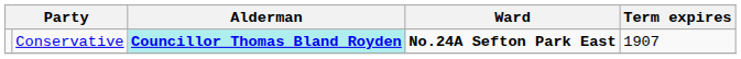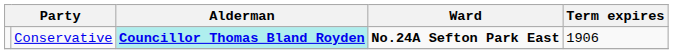 <table class="wikitable">
 <tr>
 <th colspan="2">Party</th>
 <th>Alderman</th>
 <th>Ward</th>
 <th>Term expires</th>
 </tr>
 <tr>
 <td style="background-color:"></td>
 <td><a href='#'>Conservative</a></td>
 <td style="background: paleturquoise;"><strong><a href='#'>Councillor Thomas Bland Royden</a></strong></td>
 <td><strong>No.24A Sefton Park East</strong></td>
-<td>1907</td>
+<td>1906</td>
 </tr>
 <tr>
 </tr>
 </table>
